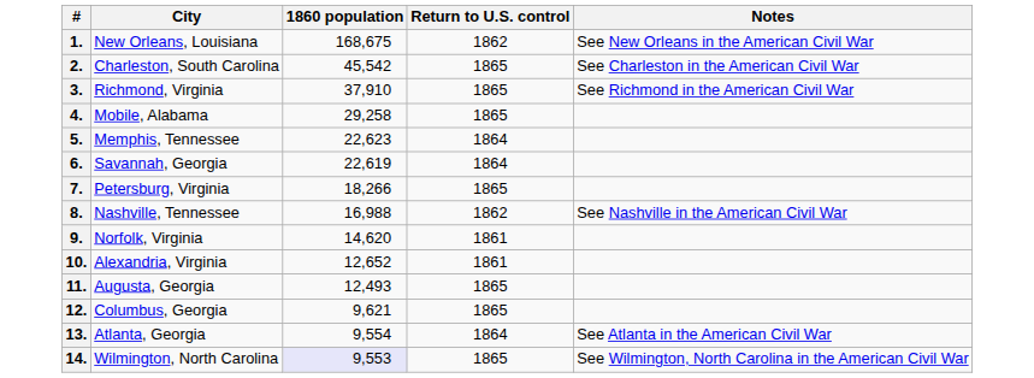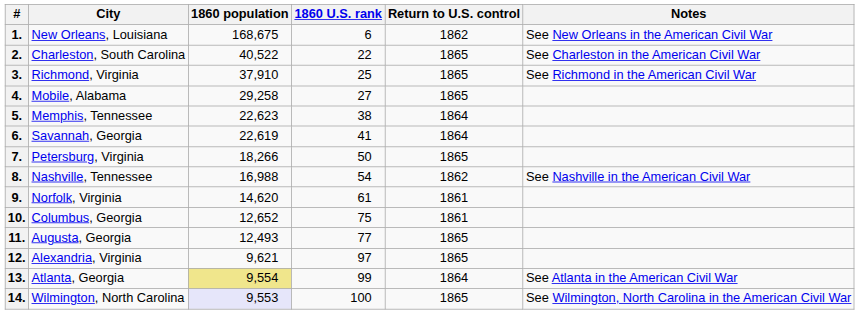 <table class="wikitable sortable plainrowheaders" style="margin: auto;">
 <tr>
 <th scope="col">#</th>
 <th scope="col">City</th>
 <th scope="col">1860 population</th>
+<th scope="col"><a href='#'>1860 U.S. rank</a></th>
 <th>Return to U.S. control</th>
 <th>Notes</th>
 </tr>
 <tr>
 <th scope="row">1.</th>
 <td><a href='#'>New Orleans</a>, Louisiana</td>
 <td style="text-align: right; padding-right: 1em;">168,675</td>
+<td style="text-align: right; padding-right: 1em;">6</td>
 <td style="text-align: center;">1862</td>
 <td>See <a href='#'>New Orleans in the American Civil War</a></td>
 </tr>
 <tr>
 <th scope="row">2.</th>
 <td><a href='#'>Charleston</a>, South Carolina</td>
-<td style="text-align: right; padding-right: 1em;">45,542</td>
+<td style="text-align: right; padding-right: 1em;">40,522</td>
+<td style="text-align: right; padding-right: 1em;">22</td>
 <td style="text-align: center;">1865</td>
 <td>See <a href='#'>Charleston in the American Civil War</a></td>
 </tr>
 <tr>
 <th scope="row">3.</th>
 <td><a href='#'>Richmond</a>, Virginia</td>
 <td style="text-align: right; padding-right: 1em;">37,910</td>
+<td style="text-align: right; padding-right: 1em;">25</td>
 <td style="text-align: center;">1865</td>
 <td>See <a href='#'>Richmond in the American Civil War</a></td>
 </tr>
 <tr>
 <th scope="row">4.</th>
 <td><a href='#'>Mobile</a>, Alabama</td>
 <td style="text-align: right; padding-right: 1em;">29,258</td>
+<td style="text-align: right; padding-right: 1em;">27</td>
 <td style="text-align: center;">1865</td>
 <td></td>
 </tr>
 <tr>
 <th scope="row">5.</th>
 <td><a href='#'>Memphis</a>, Tennessee</td>
 <td style="text-align: right; padding-right: 1em;">22,623</td>
+<td style="text-align: right; padding-right: 1em;">38</td>
 <td style="text-align: center;">1864</td>
 <td></td>
 </tr>
 <tr>
 <th scope="row">6.</th>
 <td><a href='#'>Savannah</a>, Georgia</td>
 <td style="text-align: right; padding-right: 1em;">22,619</td>
+<td style="text-align: right; padding-right: 1em;">41</td>
 <td style="text-align: center;">1864</td>
 <td></td>
 </tr>
 <tr>
 <th scope="row">7.</th>
 <td><a href='#'>Petersburg</a>, Virginia</td>
 <td style="text-align: right; padding-right: 1em;">18,266</td>
+<td style="text-align: right; padding-right: 1em;">50</td>
 <td style="text-align: center;">1865</td>
 <td></td>
 </tr>
 <tr>
 <th scope="row">8.</th>
 <td><a href='#'>Nashville</a>, Tennessee</td>
 <td style="text-align: right; padding-right: 1em;">16,988</td>
+<td style="text-align: right; padding-right: 1em;">54</td>
 <td style="text-align: center;">1862</td>
 <td>See <a href='#'>Nashville in the American Civil War</a></td>
 </tr>
 <tr>
 <th scope="row">9.</th>
 <td><a href='#'>Norfolk</a>, Virginia</td>
 <td style="text-align: right; padding-right: 1em;">14,620</td>
+<td style="text-align: right; padding-right: 1em;">61</td>
 <td style="text-align: center;">1861</td>
 <td></td>
 </tr>
 <tr>
 <th scope="row">10.</th>
-<td><a href='#'>Alexandria</a>, Virginia</td>
+<td><a href='#'>Columbus</a>, Georgia</td>
 <td style="text-align: right; padding-right: 1em;">12,652</td>
+<td style="text-align: right; padding-right: 1em;">75</td>
 <td style="text-align: center;">1861</td>
 <td></td>
 </tr>
 <tr>
 <th scope="row">11.</th>
 <td><a href='#'>Augusta</a>, Georgia</td>
 <td style="text-align: right; padding-right: 1em;">12,493</td>
+<td style="text-align: right; padding-right: 1em;">77</td>
 <td style="text-align: center;">1865</td>
 <td></td>
 </tr>
 <tr>
 <th scope="row">12.</th>
-<td><a href='#'>Columbus</a>, Georgia</td>
+<td><a href='#'>Alexandria</a>, Virginia</td>
 <td style="text-align: right; padding-right: 1em;">9,621</td>
+<td style="text-align: right; padding-right: 1em;">97</td>
 <td style="text-align: center;">1865</td>
 <td></td>
 </tr>
 <tr>
 <th scope="row">13.</th>
 <td><a href='#'>Atlanta</a>, Georgia</td>
-<td style="text-align: right; padding-right: 1em;">9,554</td>
+<td style="background: khaki; text-align: right; padding-right: 1em;">9,554</td>
+<td style="text-align: right; padding-right: 1em;">99</td>
 <td style="text-align: center;">1864</td>
 <td>See <a href='#'>Atlanta in the American Civil War</a></td>
 </tr>
 <tr>
 <th scope="row">14.</th>
 <td><a href='#'>Wilmington</a>, North Carolina</td>
 <td style="background: lavender; text-align: right; padding-right: 1em;">9,553</td>
+<td style="text-align: right; padding-right: 1em;">100</td>
 <td style="text-align: center;">1865</td>
 <td>See <a href='#'>Wilmington, North Carolina in the American Civil War</a></td>
 </tr>
 </table>
